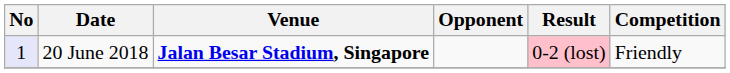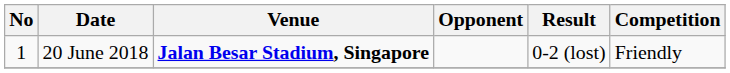 <table class="wikitable">
 <tr>
 <th>No</th>
 <th>Date</th>
 <th>Venue</th>
 <th>Opponent</th>
 <th>Result</th>
 <th>Competition</th>
 </tr>
 <tr>
-<td align=center style="background: lavender;">1</td>
+<td align=center>1</td>
 <td>20 June 2018</td>
 <td><strong><a href='#'>Jalan Besar Stadium</a>, Singapore</strong></td>
 <td></td>
-<td align=center style="background: pink;">0-2 (lost)</td>
+<td align=center>0-2 (lost)</td>
 <td>Friendly</td>
 </tr>
 <tr>
 </tr>
 </table>
